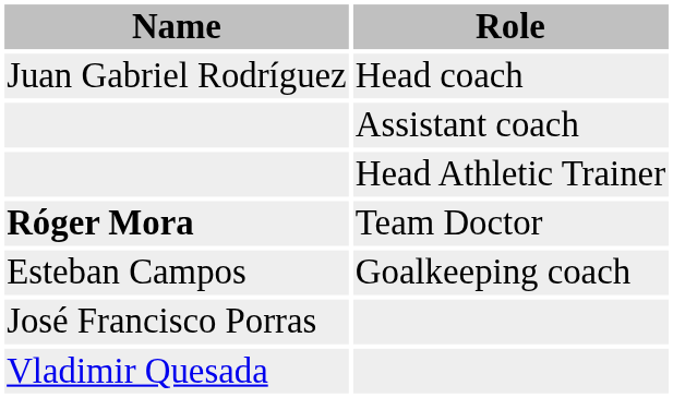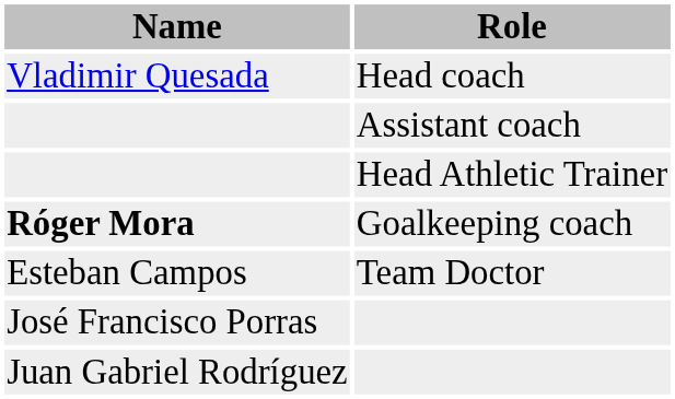 <table class="toccolours">
 <tr>
 <th style="background:silver;">Name</th>
 <th style="background:silver;">Role</th>
 </tr>
 <tr style="background:#eee;">
-<td> Juan Gabriel Rodríguez</td>
+<td> <a href='#'>Vladimir Quesada</a></td>
 <td>Head coach</td>
 </tr>
 <tr style="background:#eee;">
 <td></td>
 <td>Assistant coach</td>
 </tr>
 <tr style="background:#eee;">
 <td></td>
 <td>Head Athletic Trainer</td>
 </tr>
 <tr style="background:#eee;">
 <td><strong> Róger Mora</strong></td>
-<td>Team Doctor</td>
+<td>Goalkeeping coach</td>
 </tr>
 <tr style="background:#eee;">
 <td> Esteban Campos</td>
-<td>Goalkeeping coach</td>
+<td>Team Doctor</td>
 </tr>
 <tr style="background:#eee;">
 <td> José Francisco Porras</td>
 <td></td>
 </tr>
 <tr style="background:#eee;">
-<td> <a href='#'>Vladimir Quesada</a></td>
+<td> Juan Gabriel Rodríguez</td>
 <td></td>
 </tr>
 </table>
